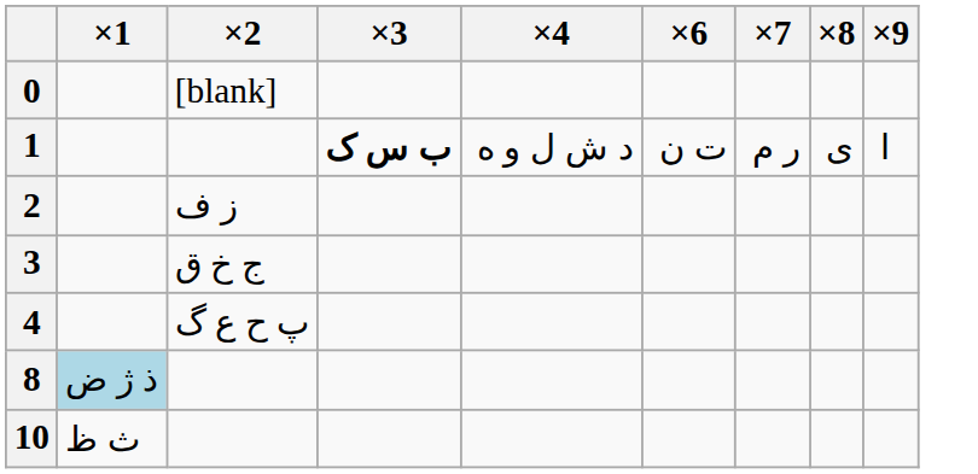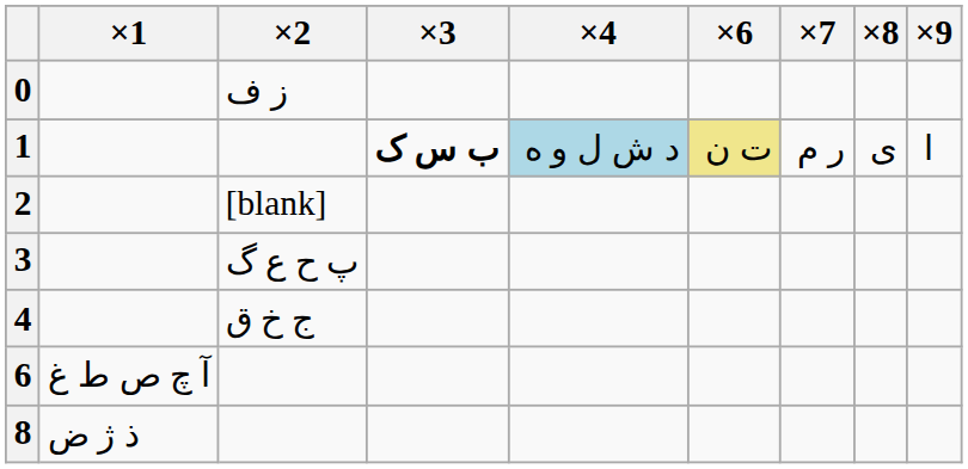 <table class="wikitable floatright" >
 <tr>
 <th></th>
 <th>×1</th>
 <th>×2</th>
 <th>×3</th>
 <th>×4</th>
 <th>×6</th>
 <th>×7</th>
 <th>×8</th>
 <th>×9</th>
 </tr>
 <tr>
 <th>0</th>
 <td></td>
-<td>[blank]</td>
+<td>ﺯ ﻑ</td>
 <td></td>
 <td></td>
 <td></td>
 <td></td>
 <td></td>
 <td></td>
 </tr>
 <tr>
 <th>1</th>
 <td></td>
 <td></td>
 <td><strong>ﺏ ﺱ ک</strong></td>
-<td>‎ ﺩ ﺵ ﻝ ﻭ ﻩ</td>
-<td>‎ ﺕ ﻥ</td>
+<td style="background: lightblue;">‎ ﺩ ﺵ ﻝ ﻭ ﻩ</td>
+<td style="background: khaki;">‎ ﺕ ﻥ</td>
 <td>‎ ﺭ ﻡ</td>
 <td>‎ ی</td>
 <td>‎ ﺍ</td>
 </tr>
 <tr>
 <th>2</th>
 <td></td>
-<td>ﺯ ﻑ</td>
+<td>[blank]</td>
 <td></td>
 <td></td>
 <td></td>
 <td></td>
 <td></td>
 <td></td>
 </tr>
 <tr>
 <th>3</th>
 <td></td>
-<td>ﺝ ﺥ ﻕ</td>
+<td>پ ﺡ ﻉ گ</td>
 <td></td>
 <td></td>
 <td></td>
 <td></td>
 <td></td>
 <td></td>
 </tr>
 <tr>
 <th>4</th>
 <td></td>
-<td>پ ﺡ ﻉ گ</td>
+<td>ﺝ ﺥ ﻕ</td>
+<td></td>
+<td></td>
+<td></td>
+<td></td>
+<td></td>
+<td></td>
+</tr>
+<tr>
+<th>6</th>
+<td>آ چ ﺹ ﻁ ﻍ</td>
+<td></td>
 <td></td>
 <td></td>
 <td></td>
 <td></td>
 <td></td>
 <td></td>
 </tr>
 <tr>
 <th>8</th>
-<td style="background: lightblue;">ﺫ ژ ﺽ</td>
-<td></td>
-<td></td>
-<td></td>
-<td></td>
-<td></td>
-<td></td>
-<td></td>
-</tr>
-<tr>
-<th>10</th>
-<td>ﺙ ﻅ</td>
+<td>ﺫ ژ ﺽ</td>
 <td></td>
 <td></td>
 <td></td>
 <td></td>
 <td></td>
 <td></td>
 <td></td>
 </tr>
 </table>
